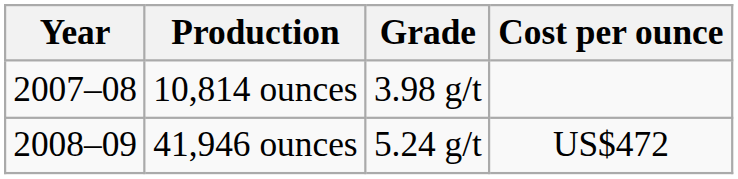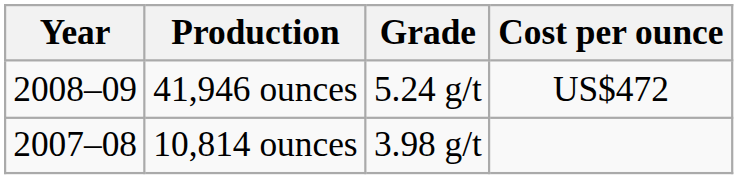 <table class="wikitable">
 <tr style="text-align:center;">
 <th>Year</th>
 <th>Production</th>
 <th>Grade</th>
 <th>Cost per ounce</th>
 </tr>
 <tr style="text-align:center;">
+<td>2008–09</td>
+<td>41,946 ounces</td>
+<td>5.24 g/t</td>
+<td>US$472</td>
+</tr>
+<tr style="text-align:center;">
 <td>2007–08</td>
 <td>10,814 ounces</td>
 <td>3.98 g/t</td>
 <td></td>
 </tr>
-<tr style="text-align:center;">
-<td>2008–09</td>
-<td>41,946 ounces</td>
-<td>5.24 g/t</td>
-<td>US$472</td>
-</tr>
 </table>
